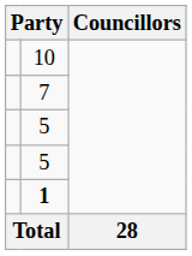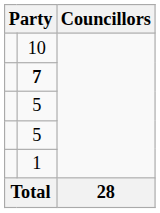 <table class="wikitable">
 <tr>
 <th colspan=2>Party</th>
 <th>Councillors</th>
 </tr>
 <tr>
 <td></td>
 <td align=center>10</td>
 </tr>
 <tr>
 <td></td>
-<td align=center>7</td>
+<td align=center><strong>7</strong></td>
 </tr>
 <tr>
 <td></td>
 <td align=center>5</td>
 </tr>
 <tr>
 <td></td>
 <td align=center>5</td>
 </tr>
 <tr>
 <td></td>
-<td align=center><strong>1</strong></td>
+<td align=center>1</td>
 </tr>
 <tr>
 <th colspan=2>Total</th>
 <th align=center>28</th>
 </tr>
 </table>
